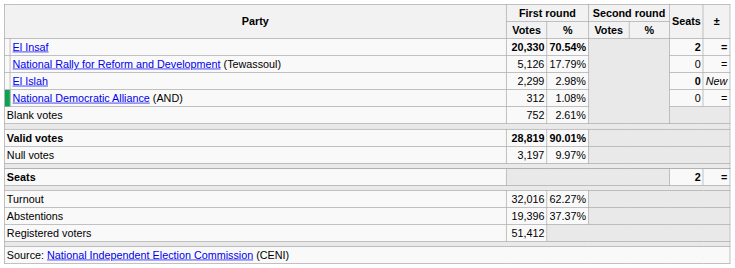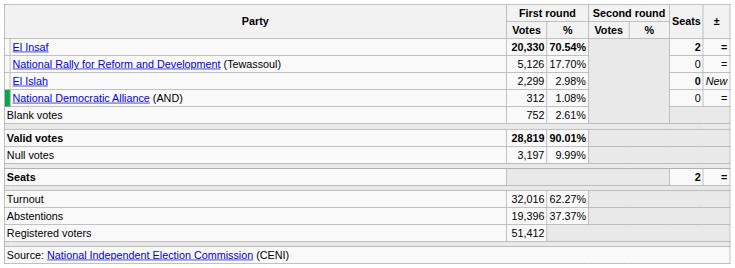 <table class="wikitable" style="text-align:right;font-size:95%;">
 <tr>
 <th rowspan="2" colspan="2" width="700">Party</th>
 <th colspan="2">First round</th>
 <th colspan="2">Second round</th>
 <th rowspan="2" width="25">Seats</th>
 <th rowspan="2" width="20">±</th>
 </tr>
 <tr>
 <th width="50">Votes</th>
 <th width="50">%</th>
 <th width="50">Votes</th>
 <th width="50">%</th>
 </tr>
 <tr>
 <td width="1" style="color:inherit;background:"></td>
 <td style="text-align:left;"><a href='#'>El Insaf</a></td>
 <td><strong>20,330</strong></td>
 <td><strong>70.54%</strong></td>
 <td colspan="2" rowspan="5" style="background:#E9E9E9;"></td>
 <td><strong>2</strong></td>
 <td><strong>=</strong></td>
 </tr>
 <tr>
 <td width="1" style="color:inherit;background:"></td>
 <td style="text-align:left;"><a href='#'>National Rally for Reform and Development</a> (Tewassoul)</td>
 <td>5,126</td>
-<td>17.79%</td>
+<td>17.70%</td>
 <td>0</td>
 <td>=</td>
 </tr>
 <tr>
 <td width="1" style="color:inherit;background:"></td>
 <td style="text-align:left;"><a href='#'>El Islah</a></td>
 <td>2,299</td>
 <td>2.98%</td>
 <td><strong>0</strong></td>
 <td><em>New</em></td>
 </tr>
 <tr>
 <td width="1" style="color:inherit;background:#0AA450;"></td>
 <td style="text-align:left;"><a href='#'>National Democratic Alliance</a> (AND)</td>
 <td>312</td>
 <td>1.08%</td>
 <td>0</td>
 <td>=</td>
 </tr>
 <tr>
 <td colspan="2" style="text-align:left;">Blank votes</td>
 <td>752</td>
 <td>2.61%</td>
 <td colspan="4" style="background:#E9E9E9;"></td>
 </tr>
 <tr>
 <td colspan="8" style="background:#E9E9E9;"></td>
 </tr>
 <tr style="font-weight:bold;">
 <td colspan="2" style="text-align:left;">Valid votes</td>
 <td>28,819</td>
 <td>90.01%</td>
 <td colspan="4" style="background:#E9E9E9;"></td>
 </tr>
 <tr>
 <td colspan="2" style="text-align:left;">Null votes</td>
 <td>3,197</td>
-<td>9.97%</td>
+<td>9.99%</td>
 <td colspan="4" style="background:#E9E9E9;"></td>
 </tr>
 <tr>
 <td colspan="8" style="background:#E9E9E9;"></td>
 </tr>
 <tr>
 </tr>
 <tr style="font-weight:bold;">
 <td colspan="2" style="text-align:left;">Seats</td>
 <td colspan="4" style="background:#E9E9E9;"></td>
 <td>2</td>
 <td>=</td>
 </tr>
 <tr>
 <td colspan="8" style="background:#E9E9E9;"></td>
 </tr>
 <tr>
 <td colspan="2" style="text-align:left;">Turnout</td>
 <td>32,016</td>
 <td>62.27%</td>
 <td colspan="4" style="background:#E9E9E9;"></td>
 </tr>
 <tr>
 <td colspan="2" style="text-align:left;">Abstentions</td>
 <td>19,396</td>
 <td>37.37%</td>
 <td colspan="4" style="background:#E9E9E9;"></td>
 </tr>
 <tr>
 <td colspan="2" style="text-align:left;">Registered voters</td>
 <td>51,412</td>
 <td colspan="5" style="background:#E9E9E9;"></td>
 </tr>
 <tr>
 <td colspan="8" style="background:#E9E9E9;"></td>
 </tr>
 <tr>
 <td colspan="8" style="text-align:left;">Source: <a href='#'>National Independent Election Commission</a> (CENI)</td>
 </tr>
 </table>
